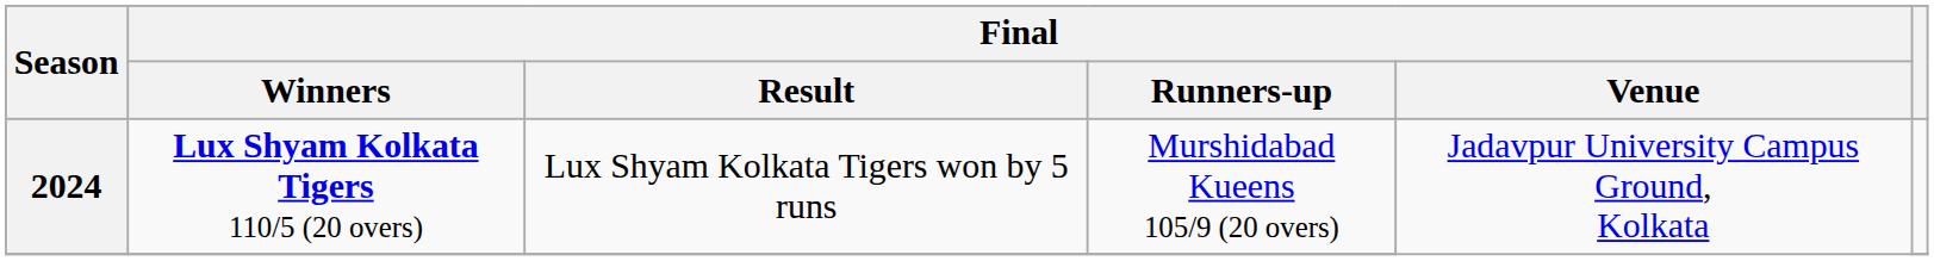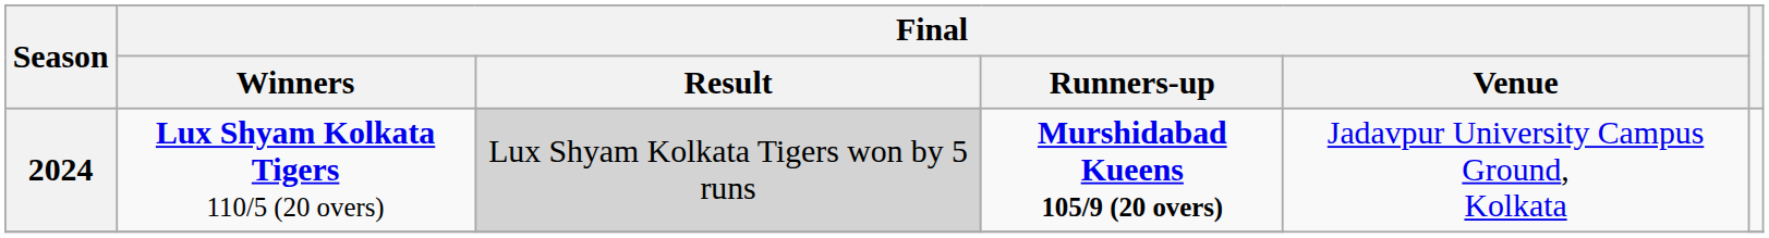 <table class="wikitable" style="text-align:center">
 <tr>
 <th rowspan=2>Season</th>
 <th colspan=4>Final</th>
 <th rowspan=2></th>
 </tr>
 <tr>
 <th>Winners</th>
 <th>Result</th>
 <th>Runners-up</th>
 <th>Venue</th>
 </tr>
 <tr>
 <th>2024</th>
 <td><strong><a href='#'>Lux Shyam Kolkata Tigers</a></strong> <br><small>110/5 (20 overs)</small></td>
-<td>Lux Shyam Kolkata Tigers won by 5 runs <br></td>
-<td><a href='#'>Murshidabad Kueens</a><br><small>105/9 (20 overs)</small></td>
+<td style="background: lightgrey;">Lux Shyam Kolkata Tigers won by 5 runs <br></td>
+<td><strong><a href='#'>Murshidabad Kueens</a><br><small>105/9 (20 overs)</small></strong></td>
 <td rowspan=2><a href='#'>Jadavpur University Campus Ground</a>,<br><a href='#'>Kolkata</a></td>
 <td></td>
 </tr>
 <tr>
 </tr>
 </table>
